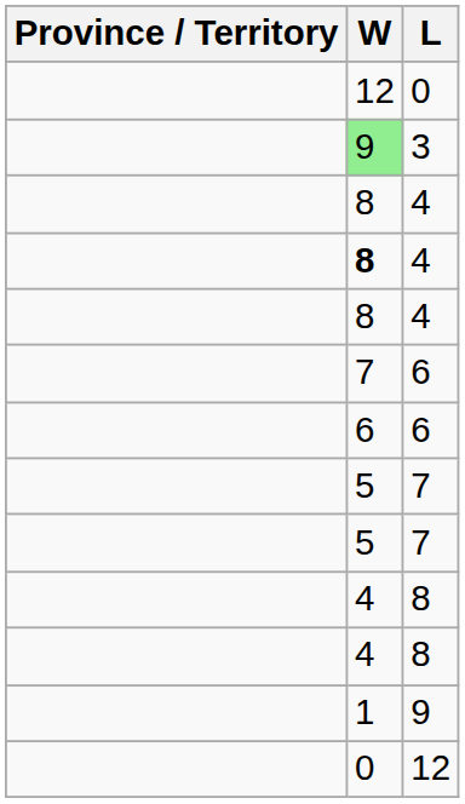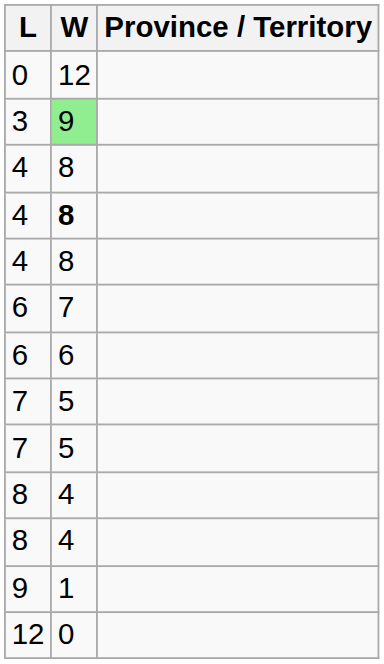 <table class="wikitable">
 <tr>
+<th>L</th>
+<th>W</th>
 <th>Province / Territory</th>
-<th>W</th>
-<th>L</th>
 </tr>
 <tr>
+<td>0</td>
+<td>12</td>
 <td></td>
+</tr>
+<tr>
+<td>3</td>
+<td style="background: lightgreen;">9</td>
+<td></td>
+</tr>
+<tr>
+<td>4</td>
+<td>8</td>
+<td></td>
+</tr>
+<tr>
+<td>4</td>
+<td><strong>8</strong></td>
+<td></td>
+</tr>
+<tr>
+<td>4</td>
+<td>8</td>
+<td></td>
+</tr>
+<tr>
+<td>6</td>
+<td>7</td>
+<td></td>
+</tr>
+<tr>
+<td>6</td>
+<td>6</td>
+<td></td>
+</tr>
+<tr>
+<td>7</td>
+<td>5</td>
+<td></td>
+</tr>
+<tr>
+<td>7</td>
+<td>5</td>
+<td></td>
+</tr>
+<tr>
+<td>8</td>
+<td>4</td>
+<td></td>
+</tr>
+<tr>
+<td>8</td>
+<td>4</td>
+<td></td>
+</tr>
+<tr>
+<td>9</td>
+<td>1</td>
+<td></td>
+</tr>
+<tr>
 <td>12</td>
 <td>0</td>
-</tr>
-<tr>
 <td></td>
-<td style="background: lightgreen;">9</td>
-<td>3</td>
-</tr>
-<tr>
-<td></td>
-<td>8</td>
-<td>4</td>
-</tr>
-<tr>
-<td></td>
-<td><strong>8</strong></td>
-<td>4</td>
-</tr>
-<tr>
-<td></td>
-<td>8</td>
-<td>4</td>
-</tr>
-<tr>
-<td></td>
-<td>7</td>
-<td>6</td>
-</tr>
-<tr>
-<td></td>
-<td>6</td>
-<td>6</td>
-</tr>
-<tr>
-<td></td>
-<td>5</td>
-<td>7</td>
-</tr>
-<tr>
-<td></td>
-<td>5</td>
-<td>7</td>
-</tr>
-<tr>
-<td></td>
-<td>4</td>
-<td>8</td>
-</tr>
-<tr>
-<td></td>
-<td>4</td>
-<td>8</td>
-</tr>
-<tr>
-<td></td>
-<td>1</td>
-<td>9</td>
-</tr>
-<tr>
-<td></td>
-<td>0</td>
-<td>12</td>
 </tr>
 </table>
